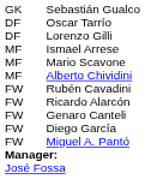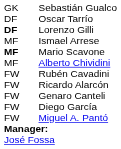 <table style="font-size: 90%" cellspacing="0" cellpadding="0" align=center>
 <tr>
 <td colspan=4></td>
 </tr>
 <tr>
 <th width=25></th>
 <th width=25></th>
 </tr>
 <tr>
 <td>GK</td>
 <td></td>
 <td> Sebastián Gualco</td>
 </tr>
 <tr>
 <td>DF</td>
 <td></td>
 <td> Oscar Tarrío</td>
 </tr>
 <tr>
-<td>DF</td>
+<td><strong>DF</strong></td>
 <td></td>
 <td> Lorenzo Gilli</td>
 </tr>
 <tr>
 <td>MF</td>
 <td></td>
 <td> Ismael Arrese</td>
 </tr>
 <tr>
-<td>MF</td>
+<td><strong>MF</strong></td>
 <td></td>
 <td> Mario Scavone</td>
 </tr>
 <tr>
 <td>MF</td>
 <td></td>
 <td> <a href='#'>Alberto Chividini</a></td>
 </tr>
 <tr>
 <td>FW</td>
 <td></td>
 <td> Rubén Cavadini</td>
 </tr>
 <tr>
 <td>FW</td>
 <td></td>
 <td> Ricardo Alarcón</td>
 </tr>
 <tr>
 <td>FW</td>
 <td></td>
 <td> Genaro Canteli</td>
 </tr>
 <tr>
 <td>FW</td>
 <td></td>
 <td> Diego García</td>
 </tr>
 <tr>
 <td>FW</td>
 <td></td>
 <td> <a href='#'>Miguel A. Pantó</a></td>
 </tr>
 <tr>
 <td colspan=4><strong>Manager:</strong></td>
 </tr>
 <tr>
 <td colspan="4"> <a href='#'>José Fossa</a></td>
 </tr>
 </table>
